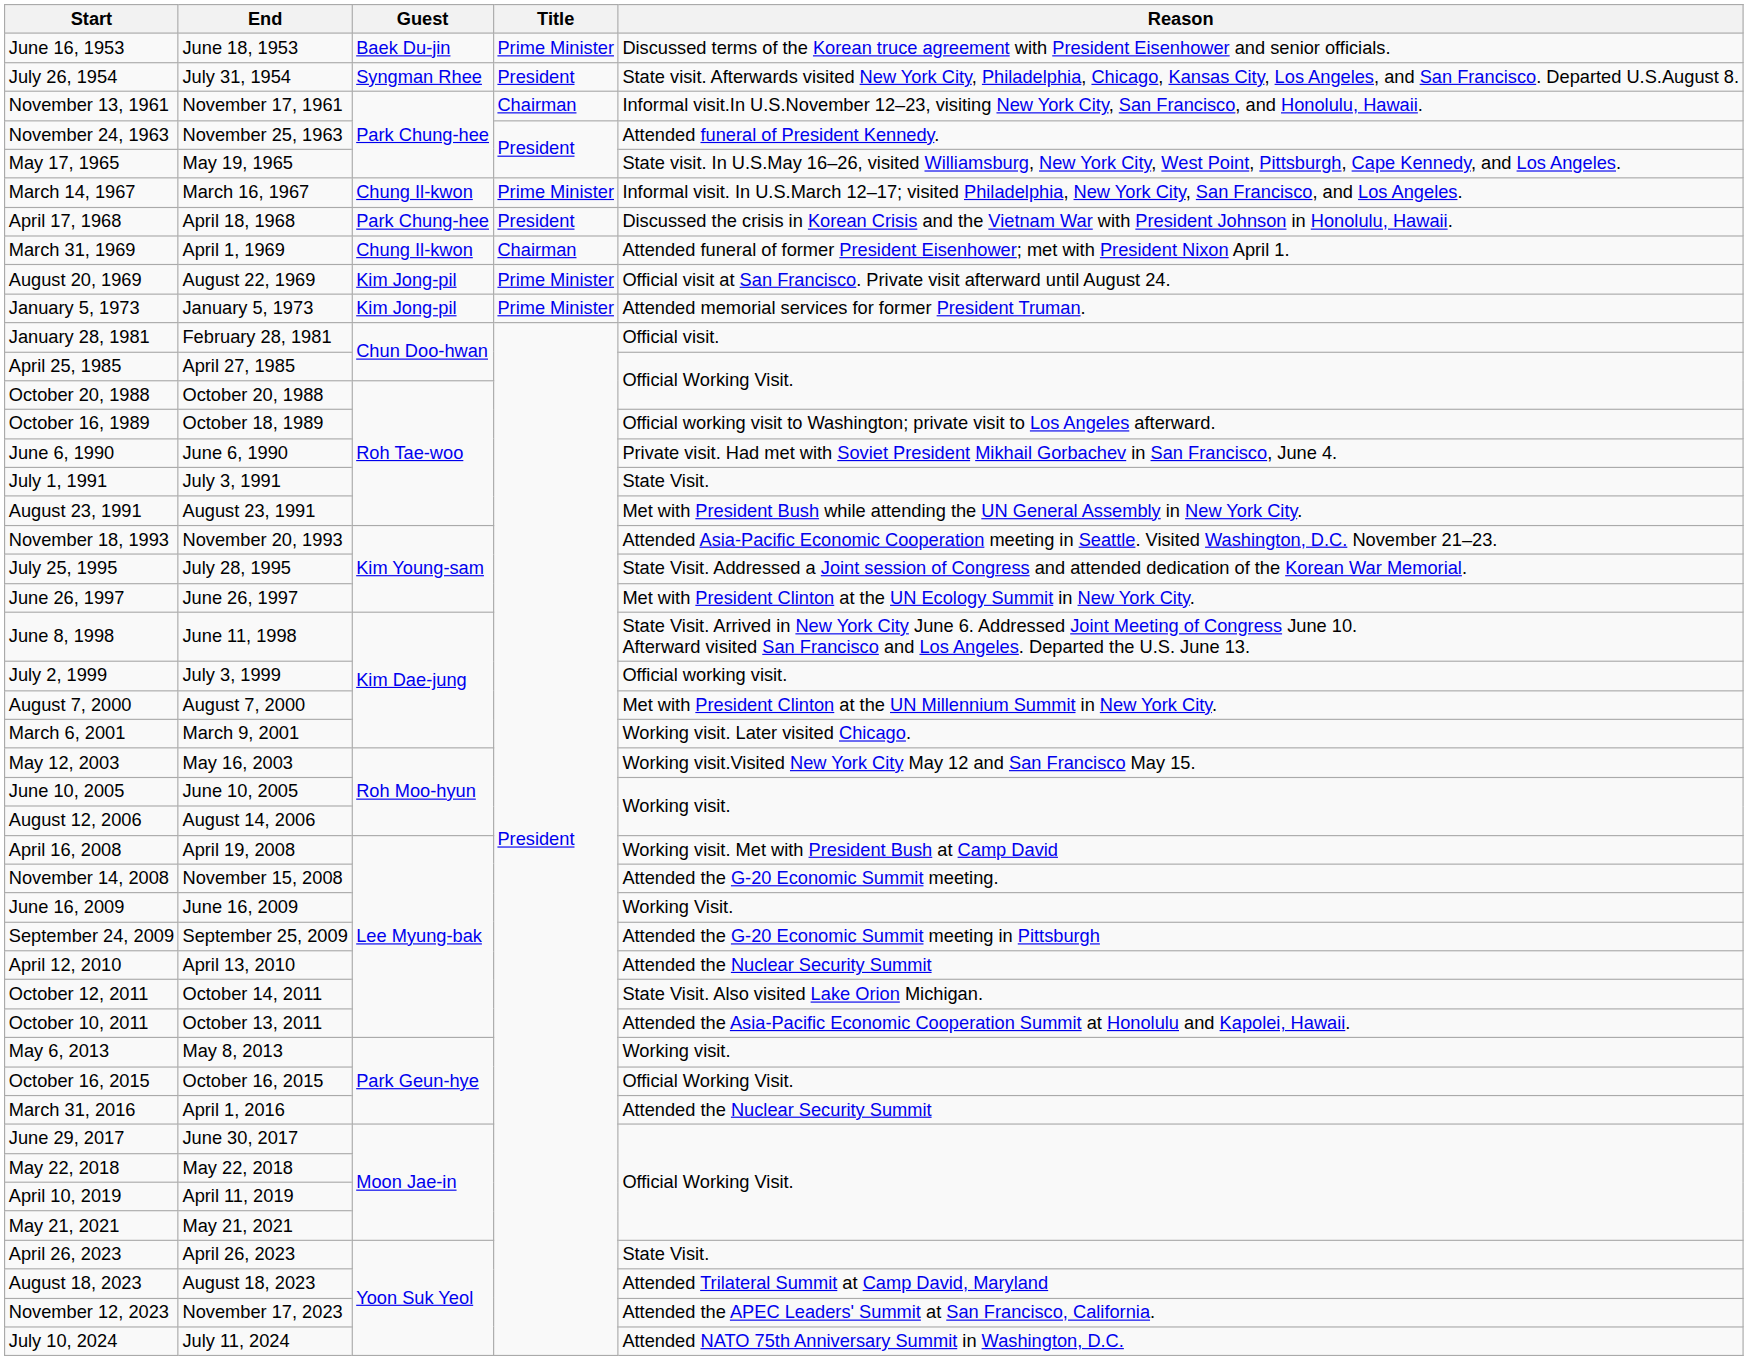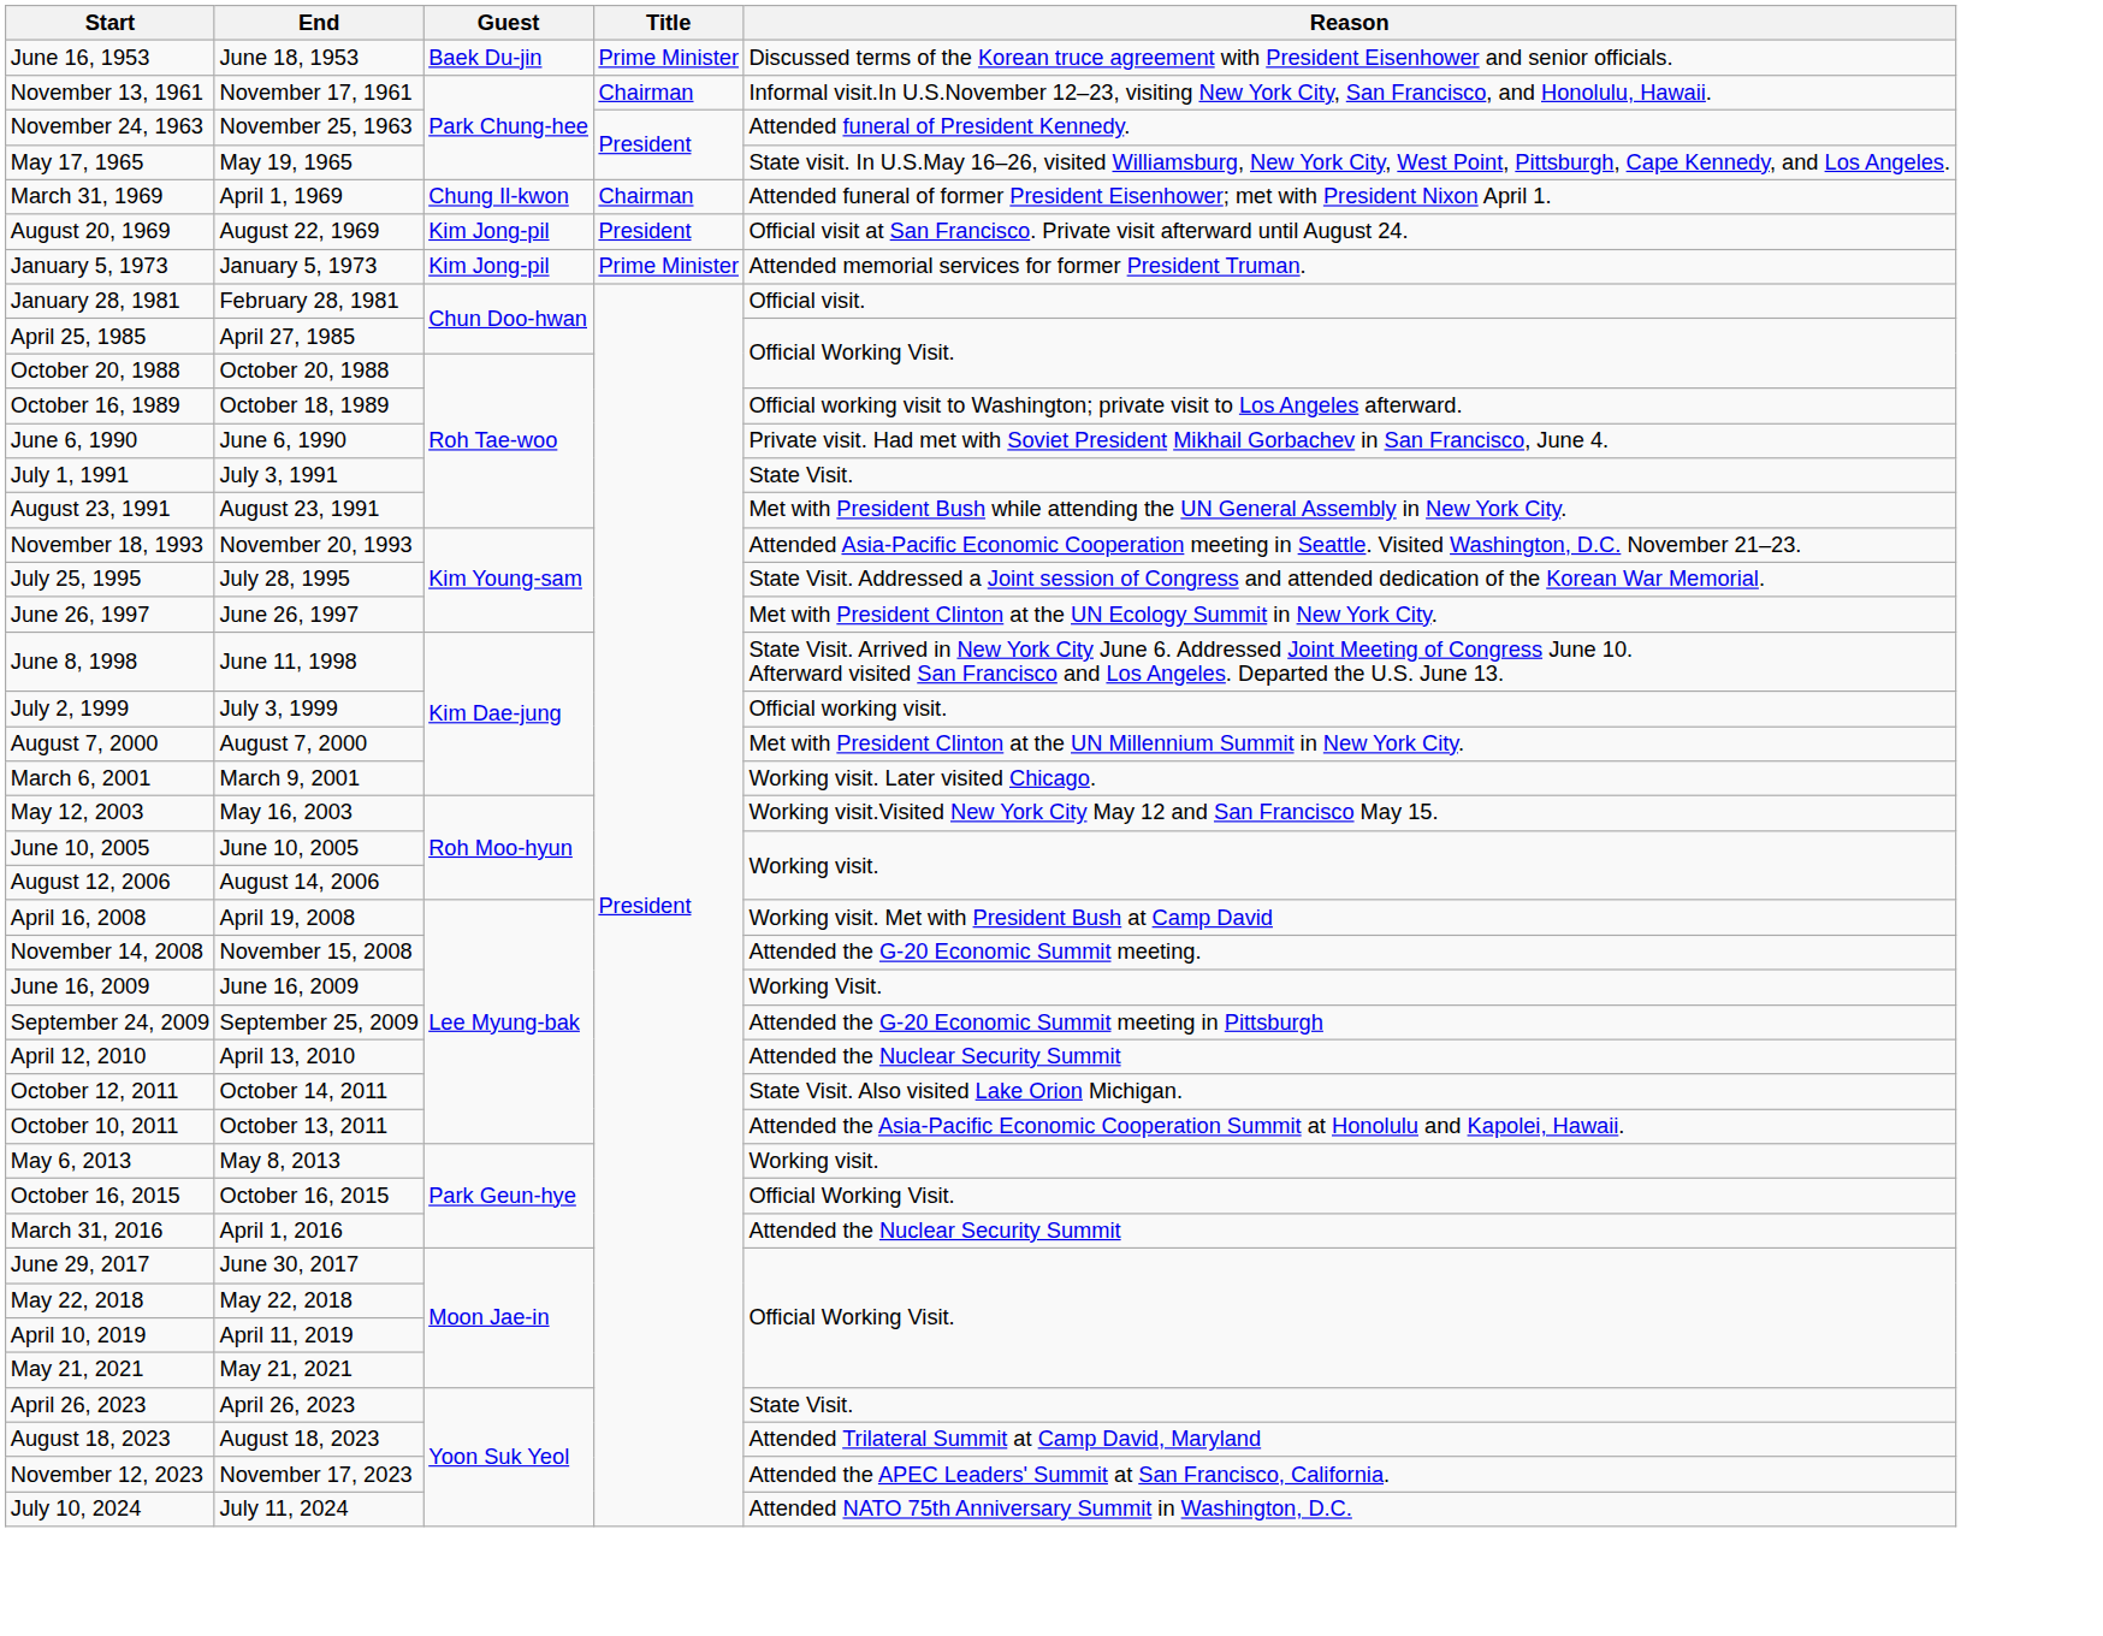 <table class="wikitable sortable">
 <tr>
 <th>Start</th>
 <th>End</th>
 <th>Guest</th>
 <th>Title</th>
 <th>Reason</th>
 </tr>
 <tr>
 <td>June 16, 1953</td>
 <td>June 18, 1953</td>
 <td><a href='#'>Baek Du-jin</a></td>
 <td><a href='#'>Prime Minister</a></td>
 <td>Discussed terms of the <a href='#'>Korean truce agreement</a> with <a href='#'>President Eisenhower</a> and senior officials.</td>
-</tr>
-<tr>
-<td>July 26, 1954</td>
-<td>July 31, 1954</td>
-<td><a href='#'>Syngman Rhee</a></td>
-<td><a href='#'>President</a></td>
-<td>State visit. Afterwards visited <a href='#'>New York City</a>, <a href='#'>Philadelphia</a>, <a href='#'>Chicago</a>, <a href='#'>Kansas City</a>, <a href='#'>Los Angeles</a>, and <a href='#'>San Francisco</a>. Departed U.S.August 8.</td>
 </tr>
 <tr>
 <td>November 13, 1961</td>
 <td>November 17, 1961</td>
 <td rowspan=3><a href='#'>Park Chung-hee</a></td>
 <td><a href='#'>Chairman</a></td>
 <td>Informal visit.In U.S.November 12–23, visiting <a href='#'>New York City</a>, <a href='#'>San Francisco</a>, and <a href='#'>Honolulu, Hawaii</a>.</td>
 </tr>
 <tr>
 <td>November 24, 1963</td>
 <td>November 25, 1963</td>
 <td rowspan=2><a href='#'>President</a></td>
 <td>Attended <a href='#'>funeral of President Kennedy</a>.</td>
 </tr>
 <tr>
 <td>May 17, 1965</td>
 <td>May 19, 1965</td>
 <td>State visit. In U.S.May 16–26, visited <a href='#'>Williamsburg</a>, <a href='#'>New York City</a>, <a href='#'>West Point</a>, <a href='#'>Pittsburgh</a>, <a href='#'>Cape Kennedy</a>, and <a href='#'>Los Angeles</a>.</td>
 </tr>
 <tr>
-<td>March 14, 1967</td>
-<td>March 16, 1967</td>
-<td><a href='#'>Chung Il-kwon</a></td>
-<td><a href='#'>Prime Minister</a></td>
-<td>Informal visit. In U.S.March 12–17; visited <a href='#'>Philadelphia</a>, <a href='#'>New York City</a>, <a href='#'>San Francisco</a>, and <a href='#'>Los Angeles</a>.</td>
-</tr>
-<tr>
-<td>April 17, 1968</td>
-<td>April 18, 1968</td>
-<td><a href='#'>Park Chung-hee</a></td>
-<td><a href='#'>President</a></td>
-<td>Discussed the crisis in <a href='#'>Korean Crisis</a> and the <a href='#'>Vietnam War</a> with <a href='#'>President Johnson</a> in <a href='#'>Honolulu, Hawaii</a>.</td>
-</tr>
-<tr>
 <td>March 31, 1969</td>
 <td>April 1, 1969</td>
 <td><a href='#'>Chung Il-kwon</a></td>
 <td><a href='#'>Chairman</a></td>
 <td>Attended funeral of former <a href='#'>President Eisenhower</a>; met with <a href='#'>President Nixon</a> April 1.</td>
 </tr>
 <tr>
 <td>August 20, 1969</td>
 <td>August 22, 1969</td>
 <td><a href='#'>Kim Jong-pil</a></td>
-<td><a href='#'>Prime Minister</a></td>
+<td><a href='#'>President</a></td>
 <td>Official visit at <a href='#'>San Francisco</a>. Private visit afterward until August 24.</td>
 </tr>
 <tr>
 <td>January 5, 1973</td>
 <td>January 5, 1973</td>
 <td><a href='#'>Kim Jong-pil</a></td>
 <td><a href='#'>Prime Minister</a></td>
 <td>Attended memorial services for former <a href='#'>President Truman</a>.</td>
 </tr>
 <tr>
 <td>January 28, 1981</td>
 <td>February 28, 1981</td>
 <td rowspan=2><a href='#'>Chun Doo-hwan</a></td>
 <td rowspan=35><a href='#'>President</a></td>
 <td>Official visit.</td>
 </tr>
 <tr>
 <td>April 25, 1985</td>
 <td>April 27, 1985</td>
 <td rowspan=2>Official Working Visit.</td>
 </tr>
 <tr>
 <td>October 20, 1988</td>
 <td>October 20, 1988</td>
 <td rowspan=5><a href='#'>Roh Tae-woo</a></td>
 </tr>
 <tr>
 <td>October 16, 1989</td>
 <td>October 18, 1989</td>
 <td>Official working visit to Washington; private visit to <a href='#'>Los Angeles</a> afterward.</td>
 </tr>
 <tr>
 <td>June 6, 1990</td>
 <td>June 6, 1990</td>
 <td>Private visit. Had met with <a href='#'>Soviet President</a> <a href='#'>Mikhail Gorbachev</a> in <a href='#'>San Francisco</a>, June 4.</td>
 </tr>
 <tr>
 <td>July 1, 1991</td>
 <td>July 3, 1991</td>
 <td>State Visit.</td>
 </tr>
 <tr>
 <td>August 23, 1991</td>
 <td>August 23, 1991</td>
 <td>Met with <a href='#'>President Bush</a> while attending the <a href='#'>UN General Assembly</a> in <a href='#'>New York City</a>.</td>
 </tr>
 <tr>
 <td>November 18, 1993</td>
 <td>November 20, 1993</td>
 <td rowspan=3><a href='#'>Kim Young-sam</a></td>
 <td>Attended <a href='#'>Asia-Pacific Economic Cooperation</a> meeting in <a href='#'>Seattle</a>. Visited <a href='#'>Washington, D.C.</a> November 21–23.</td>
 </tr>
 <tr>
 <td>July 25, 1995</td>
 <td>July 28, 1995</td>
 <td>State Visit. Addressed a <a href='#'>Joint session of Congress</a> and attended dedication of the <a href='#'>Korean War Memorial</a>.</td>
 </tr>
 <tr>
 <td>June 26, 1997</td>
 <td>June 26, 1997</td>
 <td>Met with <a href='#'>President Clinton</a> at the <a href='#'>UN Ecology Summit</a> in <a href='#'>New York City</a>.</td>
 </tr>
 <tr>
 <td>June 8, 1998</td>
 <td>June 11, 1998</td>
 <td rowspan=4><a href='#'>Kim Dae-jung</a></td>
 <td>State Visit. Arrived in <a href='#'>New York City</a> June 6. Addressed <a href='#'>Joint Meeting of Congress</a> June 10.<br>Afterward visited <a href='#'>San Francisco</a> and <a href='#'>Los Angeles</a>. Departed the U.S. June 13.</td>
 </tr>
 <tr>
 <td>July 2, 1999</td>
 <td>July 3, 1999</td>
 <td>Official working visit.</td>
 </tr>
 <tr>
 <td>August 7, 2000</td>
 <td>August 7, 2000</td>
 <td>Met with <a href='#'>President Clinton</a> at the <a href='#'>UN Millennium Summit</a> in <a href='#'>New York City</a>.</td>
 </tr>
 <tr>
 <td>March 6, 2001</td>
 <td>March 9, 2001</td>
 <td>Working visit. Later visited <a href='#'>Chicago</a>.</td>
 </tr>
 <tr>
 <td>May 12, 2003</td>
 <td>May 16, 2003</td>
 <td rowspan=3><a href='#'>Roh Moo-hyun</a></td>
 <td>Working visit.Visited <a href='#'>New York City</a> May 12 and <a href='#'>San Francisco</a> May 15.</td>
 </tr>
 <tr>
 <td>June 10, 2005</td>
 <td>June 10, 2005</td>
 <td rowspan=2>Working visit.</td>
 </tr>
 <tr>
 <td>August 12, 2006</td>
 <td>August 14, 2006</td>
 </tr>
 <tr>
 <td>April 16, 2008</td>
 <td>April 19, 2008</td>
 <td rowspan=7><a href='#'>Lee Myung-bak</a></td>
 <td>Working visit. Met with <a href='#'>President Bush</a> at <a href='#'>Camp David</a></td>
 </tr>
 <tr>
 <td>November 14, 2008</td>
 <td>November 15, 2008</td>
 <td>Attended the <a href='#'>G-20 Economic Summit</a> meeting.</td>
 </tr>
 <tr>
 <td>June 16, 2009</td>
 <td>June 16, 2009</td>
 <td>Working Visit.</td>
 </tr>
 <tr>
 <td>September 24, 2009</td>
 <td>September 25, 2009</td>
 <td>Attended the <a href='#'>G-20 Economic Summit</a> meeting in <a href='#'>Pittsburgh</a></td>
 </tr>
 <tr>
 <td>April 12, 2010</td>
 <td>April 13, 2010</td>
 <td>Attended the <a href='#'>Nuclear Security Summit</a></td>
 </tr>
 <tr>
 <td>October 12, 2011</td>
 <td>October 14, 2011</td>
 <td>State Visit. Also visited <a href='#'>Lake Orion</a> Michigan.</td>
 </tr>
 <tr>
 <td>October 10, 2011</td>
 <td>October 13, 2011</td>
 <td>Attended the <a href='#'>Asia-Pacific Economic Cooperation Summit</a> at <a href='#'>Honolulu</a> and <a href='#'>Kapolei, Hawaii</a>.</td>
 </tr>
 <tr>
 <td>May 6, 2013</td>
 <td>May 8, 2013</td>
 <td rowspan=3><a href='#'>Park Geun-hye</a></td>
 <td>Working visit.</td>
 </tr>
 <tr>
 <td>October 16, 2015</td>
 <td>October 16, 2015</td>
 <td>Official Working Visit.</td>
 </tr>
 <tr>
 <td>March 31, 2016</td>
 <td>April 1, 2016</td>
 <td>Attended the <a href='#'>Nuclear Security Summit</a></td>
 </tr>
 <tr>
 <td>June 29, 2017</td>
 <td>June 30, 2017</td>
 <td rowspan=4><a href='#'>Moon Jae-in</a></td>
 <td rowspan=4>Official Working Visit.</td>
 </tr>
 <tr>
 <td>May 22, 2018</td>
 <td>May 22, 2018</td>
 </tr>
 <tr>
 <td>April 10, 2019</td>
 <td>April 11, 2019</td>
 </tr>
 <tr>
 <td>May 21, 2021</td>
 <td>May 21, 2021</td>
 </tr>
 <tr>
 <td>April 26, 2023</td>
 <td>April 26, 2023</td>
 <td rowspan=4><a href='#'>Yoon Suk Yeol</a></td>
 <td>State Visit.</td>
 </tr>
 <tr>
 <td>August 18, 2023</td>
 <td>August 18, 2023</td>
 <td>Attended <a href='#'>Trilateral Summit</a> at <a href='#'>Camp David, Maryland</a></td>
 </tr>
 <tr>
 <td>November 12, 2023</td>
 <td>November 17, 2023</td>
 <td>Attended the <a href='#'>APEC Leaders' Summit</a> at <a href='#'>San Francisco, California</a>.</td>
 </tr>
 <tr>
 <td>July 10, 2024</td>
 <td>July 11, 2024</td>
 <td>Attended <a href='#'>NATO 75th Anniversary Summit</a> in <a href='#'>Washington, D.C.</a></td>
 </tr>
 </table>
